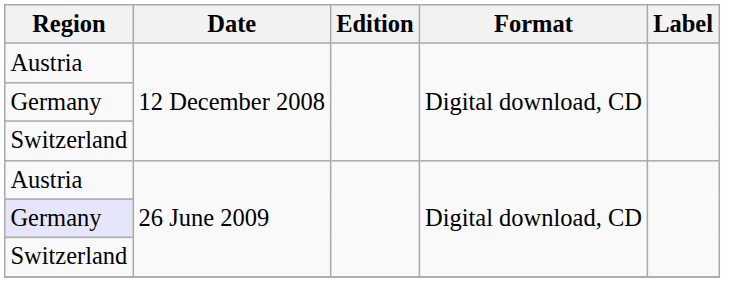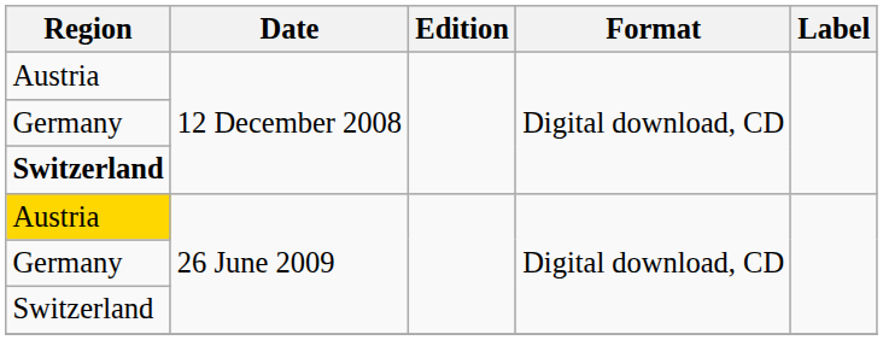 <table class="wikitable">
 <tr>
 <th scope="col">Region</th>
 <th scope="col">Date</th>
 <th scope="col">Edition</th>
 <th scope="col">Format</th>
 <th scope="col">Label</th>
 </tr>
 <tr>
 <td>Austria</td>
 <td rowspan="3">12 December 2008</td>
 <td rowspan="3"></td>
 <td rowspan="3">Digital download, CD</td>
 <td rowspan="3"></td>
 </tr>
 <tr>
 <td>Germany</td>
 </tr>
 <tr>
-<td>Switzerland</td>
+<td><strong>Switzerland</strong></td>
 </tr>
 <tr>
-<td>Austria</td>
+<td style="background: gold;">Austria</td>
 <td rowspan="3">26 June 2009</td>
 <td rowspan="3"></td>
 <td rowspan="3">Digital download, CD</td>
 <td rowspan="3"></td>
 </tr>
 <tr>
-<td style="background: lavender;">Germany</td>
+<td>Germany</td>
 </tr>
 <tr>
 <td>Switzerland</td>
 </tr>
 <tr>
 </tr>
 </table>
